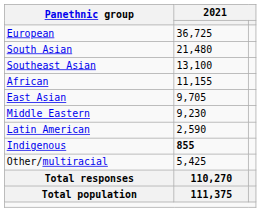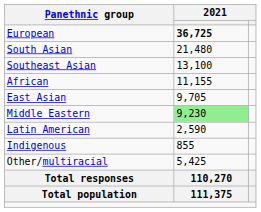 <table class="wikitable collapsible sortable">
 <tr>
 <th rowspan="2"><a href='#'>Panethnic</a> group</th>
 <th colspan="2">2021</th>
 </tr>
 <tr>
 <th><a href='#'></a></th>
 <th></th>
 </tr>
 <tr>
 <td><a href='#'>European</a></td>
-<td>36,725</td>
+<td><strong>36,725</strong></td>
 <td></td>
 </tr>
 <tr>
 <td><a href='#'>South Asian</a></td>
 <td>21,480</td>
 <td></td>
 </tr>
 <tr>
 <td><a href='#'>Southeast Asian</a></td>
 <td>13,100</td>
 <td></td>
 </tr>
 <tr>
 <td><a href='#'>African</a></td>
 <td>11,155</td>
 <td></td>
 </tr>
 <tr>
 <td><a href='#'>East Asian</a></td>
 <td>9,705</td>
 <td></td>
 </tr>
 <tr>
 <td><a href='#'>Middle Eastern</a></td>
-<td>9,230</td>
+<td style="background: lightgreen;">9,230</td>
 <td></td>
 </tr>
 <tr>
 <td><a href='#'>Latin American</a></td>
 <td>2,590</td>
 <td></td>
 </tr>
 <tr>
 <td><a href='#'>Indigenous</a></td>
-<td><strong>855</strong></td>
+<td>855</td>
 <td></td>
 </tr>
 <tr>
 <td>Other/<a href='#'>multiracial</a></td>
 <td>5,425</td>
 <td></td>
 </tr>
 <tr>
 <th>Total responses</th>
 <th>110,270</th>
 <th></th>
 </tr>
 <tr class="sortbottom">
 <th>Total population</th>
 <th>111,375</th>
 <th></th>
 </tr>
 <tr class="sortbottom">
 <td colspan="15" style="width: 25em;"></td>
 </tr>
 </table>
